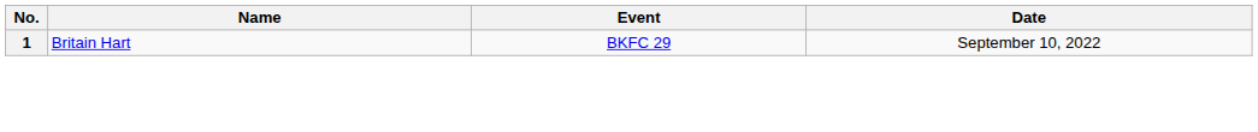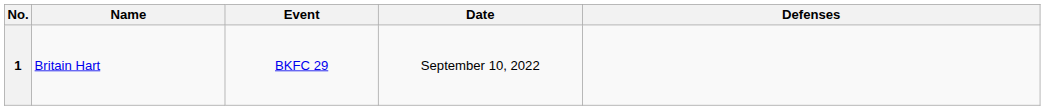 <table class="wikitable" width=100%>
 <tr>
 <th width=1%>No.</th>
 <th width=19%>Name</th>
 <th width=15%>Event</th>
 <th width=20%>Date</th>
+<th width=45%>Defenses</th>
 </tr>
 <tr>
 <th>1</th>
 <td align=left> <a href='#'>Britain Hart</a> <br></td>
 <td align=center><a href='#'>BKFC 29</a><br></td>
 <td align=center>September 10, 2022</td>
+<td><br><br> <br> <br> <br></td>
 </tr>
 </table>
